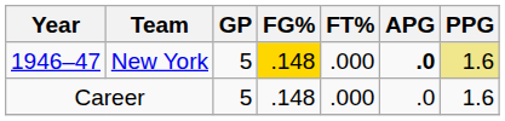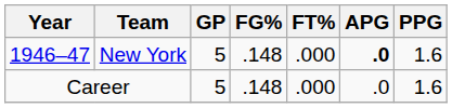 <table class="wikitable sortable" style="font-size:95%; text-align:right;">
 <tr>
 <th>Year</th>
 <th>Team</th>
 <th>GP</th>
 <th>FG%</th>
 <th>FT%</th>
 <th>APG</th>
 <th>PPG</th>
 </tr>
 <tr>
 <td style="text-align:left;"><a href='#'>1946–47</a></td>
 <td style="text-align:left;"><a href='#'>New York</a></td>
 <td>5</td>
-<td style="background: gold;">.148</td>
+<td>.148</td>
 <td>.000</td>
 <td><strong>.0</strong></td>
-<td style="background: khaki;">1.6</td>
+<td>1.6</td>
 </tr>
 <tr>
 <td style="text-align:center;" colspan="2">Career</td>
 <td>5</td>
 <td>.148</td>
 <td>.000</td>
 <td>.0</td>
 <td>1.6</td>
 </tr>
 <tr>
 </tr>
 </table>
